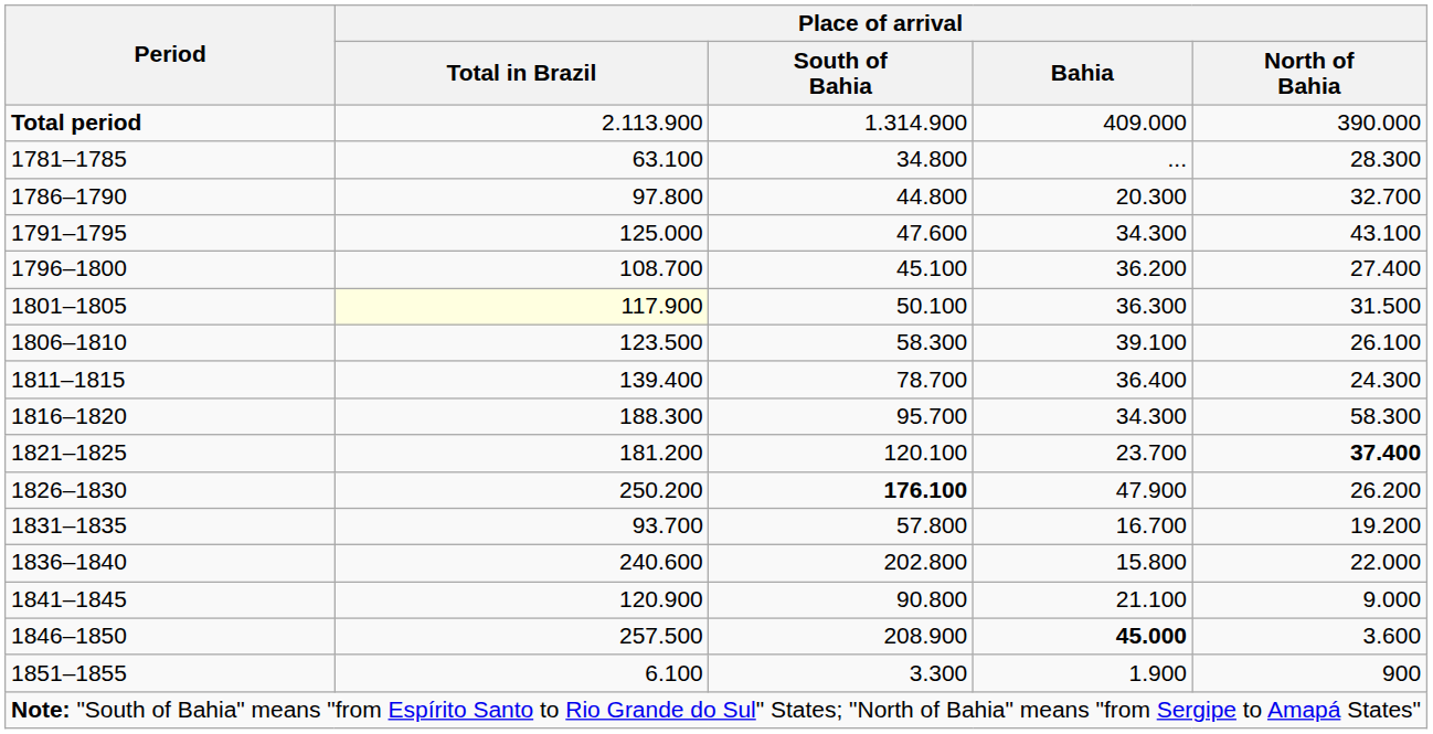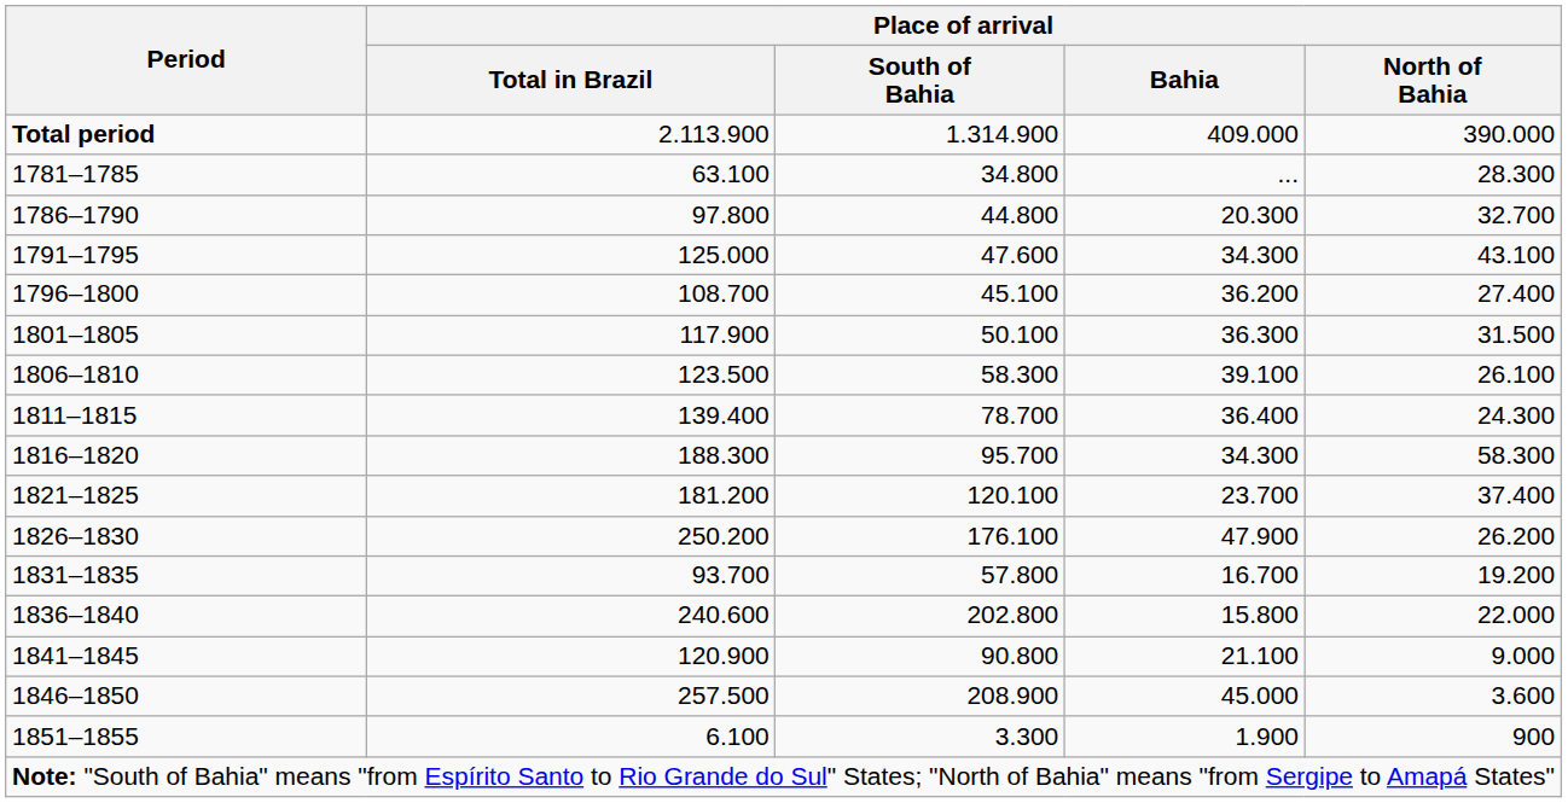 <table class="wikitable" style="margin: 0 auto; text-align: right;">
 <tr style="text-align: center">
 <th rowspan="2" scope="col">Period</th>
 <th scope="colgroup" colspan="4">Place of arrival</th>
 </tr>
 <tr style="text-align: center">
 <th scope="col">Total in Brazil</th>
 <th scope="col">South of <br>Bahia</th>
 <th scope="col">Bahia</th>
 <th scope="col">North of <br>Bahia</th>
 </tr>
 <tr>
 <td style="text-align:left;"><strong>Total period</strong></td>
 <td>2.113.900</td>
 <td>1.314.900</td>
 <td>409.000</td>
 <td>390.000</td>
 </tr>
 <tr>
 <td style="text-align:left;">1781–1785</td>
 <td>63.100</td>
 <td>34.800</td>
 <td>...</td>
 <td>28.300</td>
 </tr>
 <tr>
 <td style="text-align:left;">1786–1790</td>
 <td>97.800</td>
 <td>44.800</td>
 <td>20.300</td>
 <td>32.700</td>
 </tr>
 <tr>
 <td style="text-align:left;">1791–1795</td>
 <td>125.000</td>
 <td>47.600</td>
 <td>34.300</td>
 <td>43.100</td>
 </tr>
 <tr>
 <td style="text-align:left;">1796–1800</td>
 <td>108.700</td>
 <td>45.100</td>
 <td>36.200</td>
 <td>27.400</td>
 </tr>
 <tr>
 <td style="text-align:left;">1801–1805</td>
-<td style="background: lightyellow;">117.900</td>
+<td>117.900</td>
 <td>50.100</td>
 <td>36.300</td>
 <td>31.500</td>
 </tr>
 <tr>
 <td style="text-align:left;">1806–1810</td>
 <td>123.500</td>
 <td>58.300</td>
 <td>39.100</td>
 <td>26.100</td>
 </tr>
 <tr>
 <td style="text-align:left;">1811–1815</td>
 <td>139.400</td>
 <td>78.700</td>
 <td>36.400</td>
 <td>24.300</td>
 </tr>
 <tr>
 <td style="text-align:left;">1816–1820</td>
 <td>188.300</td>
 <td>95.700</td>
 <td>34.300</td>
 <td>58.300</td>
 </tr>
 <tr>
 <td style="text-align:left;">1821–1825</td>
 <td>181.200</td>
 <td>120.100</td>
 <td>23.700</td>
-<td><strong>37.400</strong></td>
+<td>37.400</td>
 </tr>
 <tr>
 <td style="text-align:left;">1826–1830</td>
 <td>250.200</td>
-<td><strong>176.100</strong></td>
+<td>176.100</td>
 <td>47.900</td>
 <td>26.200</td>
 </tr>
 <tr>
 <td style="text-align:left;">1831–1835</td>
 <td>93.700</td>
 <td>57.800</td>
 <td>16.700</td>
 <td>19.200</td>
 </tr>
 <tr>
 <td style="text-align:left;">1836–1840</td>
 <td>240.600</td>
 <td>202.800</td>
 <td>15.800</td>
 <td>22.000</td>
 </tr>
 <tr>
 <td style="text-align:left;">1841–1845</td>
 <td>120.900</td>
 <td>90.800</td>
 <td>21.100</td>
 <td>9.000</td>
 </tr>
 <tr>
 <td style="text-align:left;">1846–1850</td>
 <td>257.500</td>
 <td>208.900</td>
-<td><strong>45.000</strong></td>
+<td>45.000</td>
 <td>3.600</td>
 </tr>
 <tr>
 <td style="text-align:left;">1851–1855</td>
 <td>6.100</td>
 <td>3.300</td>
 <td>1.900</td>
 <td>900</td>
 </tr>
 <tr>
 <td style="text-align: left" colspan="5"><strong>Note:</strong> "South of Bahia" means "from <a href='#'>Espírito Santo</a> to <a href='#'>Rio Grande do Sul</a>" States; "North of Bahia" means "from <a href='#'>Sergipe</a> to <a href='#'>Amapá</a> States"</td>
 </tr>
 </table>
